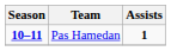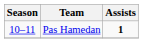 <table class="wikitable" style="text-align: center;">
 <tr>
 <th>Season</th>
 <th>Team</th>
 <th>Assists</th>
 </tr>
 <tr>
-<td><strong><a href='#'>10–11</a></strong></td>
+<td><a href='#'>10–11</a></td>
 <td align="left"><a href='#'>Pas Hamedan</a></td>
 <td><strong>1</strong></td>
 </tr>
 <tr>
 </tr>
 </table>
